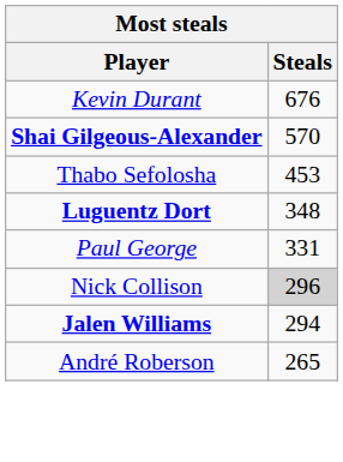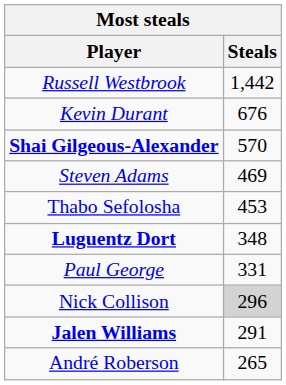 <table class="wikitable sortable" style="text-align:center">
 <tr>
 <th colspan="2" style="text-align:center; ">Most steals</th>
 </tr>
 <tr>
 <th style="text-align:center; ">Player</th>
 <th style="text-align:center; ">Steals</th>
 </tr>
 <tr>
+<td><em><a href='#'>Russell Westbrook</a></em></td>
+<td>1,442</td>
+</tr>
+<tr>
 <td><em><a href='#'>Kevin Durant</a></em></td>
 <td>676</td>
 </tr>
 <tr>
 <td><strong><a href='#'>Shai Gilgeous-Alexander</a></strong></td>
 <td>570</td>
+</tr>
+<tr>
+<td><em><a href='#'>Steven Adams</a></em></td>
+<td>469</td>
 </tr>
 <tr>
 <td><a href='#'>Thabo Sefolosha</a></td>
 <td>453</td>
 </tr>
 <tr>
 <td><strong><a href='#'>Luguentz Dort</a></strong></td>
 <td>348</td>
 </tr>
 <tr>
 <td><em><a href='#'>Paul George</a></em></td>
 <td>331</td>
 </tr>
 <tr>
 <td><a href='#'>Nick Collison</a></td>
 <td style="background: lightgrey;">296</td>
 </tr>
 <tr>
 <td><strong><a href='#'>Jalen Williams</a></strong></td>
-<td>294</td>
+<td>291</td>
 </tr>
 <tr>
 <td><a href='#'>André Roberson</a></td>
 <td>265</td>
 </tr>
 </table>
